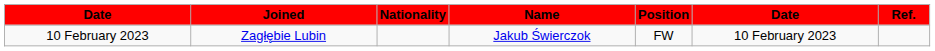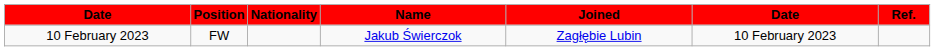 <table class="wikitable"  style="text-align:center; font-size:90%; ">
 <tr>
 <th style="background:#FF0000; color:#000000; width:200px;">Date</th>
-<th style="background:#FF0000; color:#000000; width:200px;">Joined</th>
+<th style="background:#FF0000; color:#000000; width:50px;">Position</th>
 <th style="background:#FF0000; color:#000000; width:50px;">Nationality</th>
 <th style="background:#FF0000; color:#000000; width:200px;">Name</th>
-<th style="background:#FF0000; color:#000000; width:50px;">Position</th>
+<th style="background:#FF0000; color:#000000; width:200px;">Joined</th>
 <th style="background:#FF0000; color:#000000; width:200px;">Date</th>
 <th style="background:#FF0000; color:#000000; width:50px;">Ref.</th>
 </tr>
 <tr>
 <td>10 February 2023</td>
-<td><a href='#'>Zagłębie Lubin</a></td>
+<td>FW</td>
 <td></td>
 <td><a href='#'>Jakub Świerczok</a></td>
-<td>FW</td>
+<td><a href='#'>Zagłębie Lubin</a></td>
 <td>10 February 2023</td>
 <td></td>
 </tr>
 </table>
